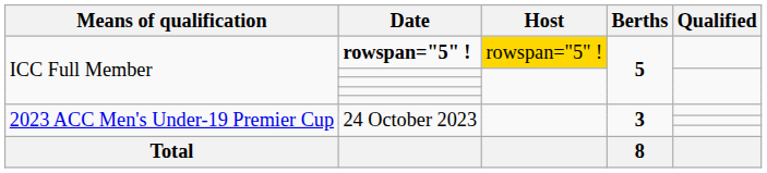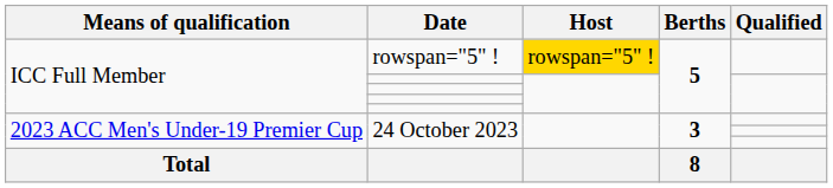 <table class="wikitable sortable">
 <tr>
 <th>Means of qualification</th>
 <th>Date</th>
 <th>Host</th>
 <th>Berths</th>
 <th>Qualified</th>
 </tr>
 <tr>
 <td rowspan="5">ICC Full Member</td>
-<td><strong>rowspan="5" ! </strong></td>
+<td>rowspan="5" ! </td>
 <td style="background: gold;">rowspan="5" ! </td>
 <td rowspan="5" style="text-align:center;"><strong>5</strong></td>
 <td></td>
 </tr>
 <tr>
 <td></td>
 </tr>
 <tr>
 <td></td>
 </tr>
 <tr>
 <td></td>
 </tr>
 <tr>
 <td></td>
 </tr>
 <tr>
 <td rowspan="3"><a href='#'>2023 ACC Men's Under-19 Premier Cup</a></td>
 <td rowspan="3">24 October 2023</td>
 <td rowspan="3"></td>
 <td rowspan="3" style="text-align:center;"><strong>3</strong></td>
 <td></td>
 </tr>
 <tr>
 <td></td>
 </tr>
 <tr>
 <td></td>
 </tr>
 <tr>
 <th>Total</th>
 <th></th>
 <th></th>
 <th>8</th>
 <th></th>
 </tr>
 </table>
